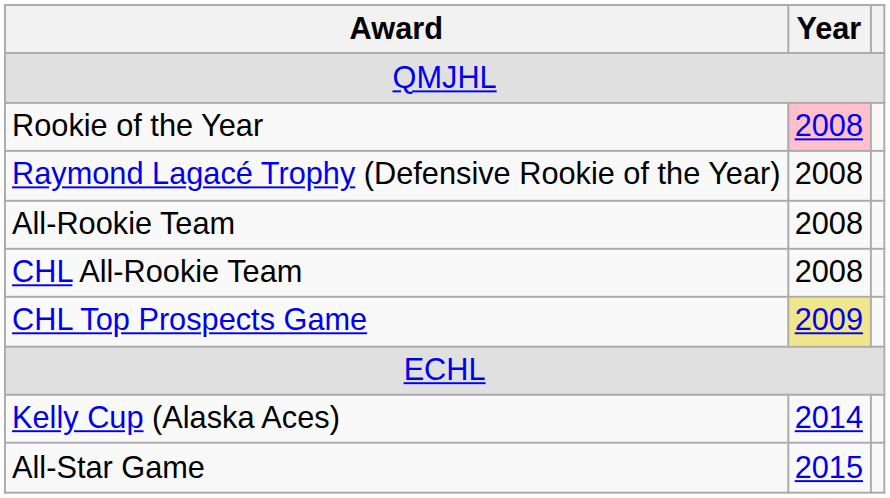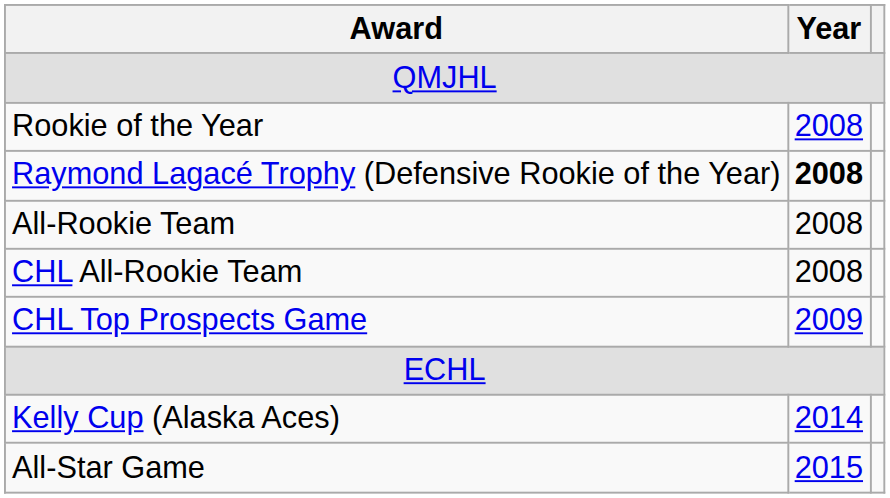 <table class="wikitable">
 <tr>
 <th>Award</th>
 <th>Year</th>
 <th></th>
 </tr>
 <tr ALIGN="center" bgcolor="#e0e0e0">
 <td colspan="3"><a href='#'>QMJHL</a></td>
 </tr>
 <tr>
 <td>Rookie of the Year</td>
-<td style="background: pink;"><a href='#'>2008</a></td>
+<td><a href='#'>2008</a></td>
 <td></td>
 </tr>
 <tr>
 <td><a href='#'>Raymond Lagacé Trophy</a> (Defensive Rookie of the Year)</td>
-<td>2008</td>
+<td><strong>2008</strong></td>
 <td></td>
 </tr>
 <tr>
 <td>All-Rookie Team</td>
 <td>2008</td>
 <td></td>
 </tr>
 <tr>
 <td><a href='#'>CHL</a> All-Rookie Team</td>
 <td>2008</td>
 <td></td>
 </tr>
 <tr>
 <td><a href='#'>CHL Top Prospects Game</a></td>
-<td style="background: khaki;"><a href='#'>2009</a></td>
+<td><a href='#'>2009</a></td>
 <td></td>
 </tr>
 <tr ALIGN="center" bgcolor="#e0e0e0">
 <td colspan="3"><a href='#'>ECHL</a></td>
 </tr>
 <tr>
 <td><a href='#'>Kelly Cup</a> (Alaska Aces)</td>
 <td><a href='#'>2014</a></td>
 <td></td>
 </tr>
 <tr>
 <td>All-Star Game</td>
 <td><a href='#'>2015</a></td>
 <td></td>
 </tr>
 </table>
